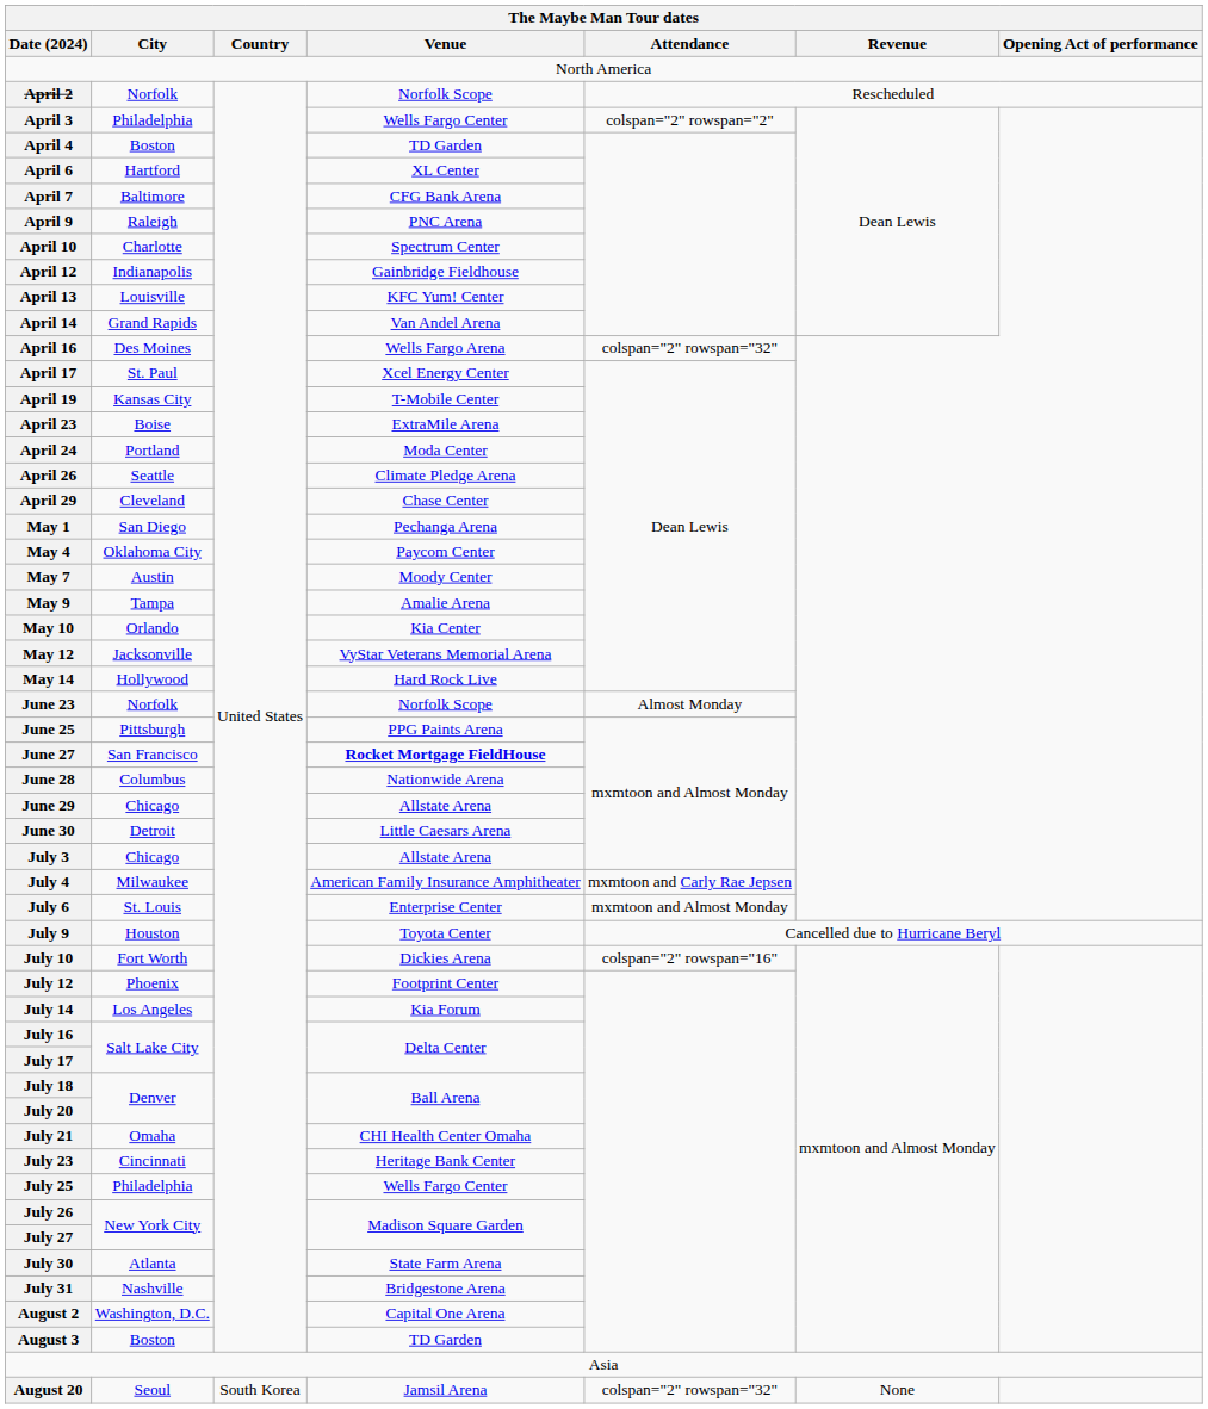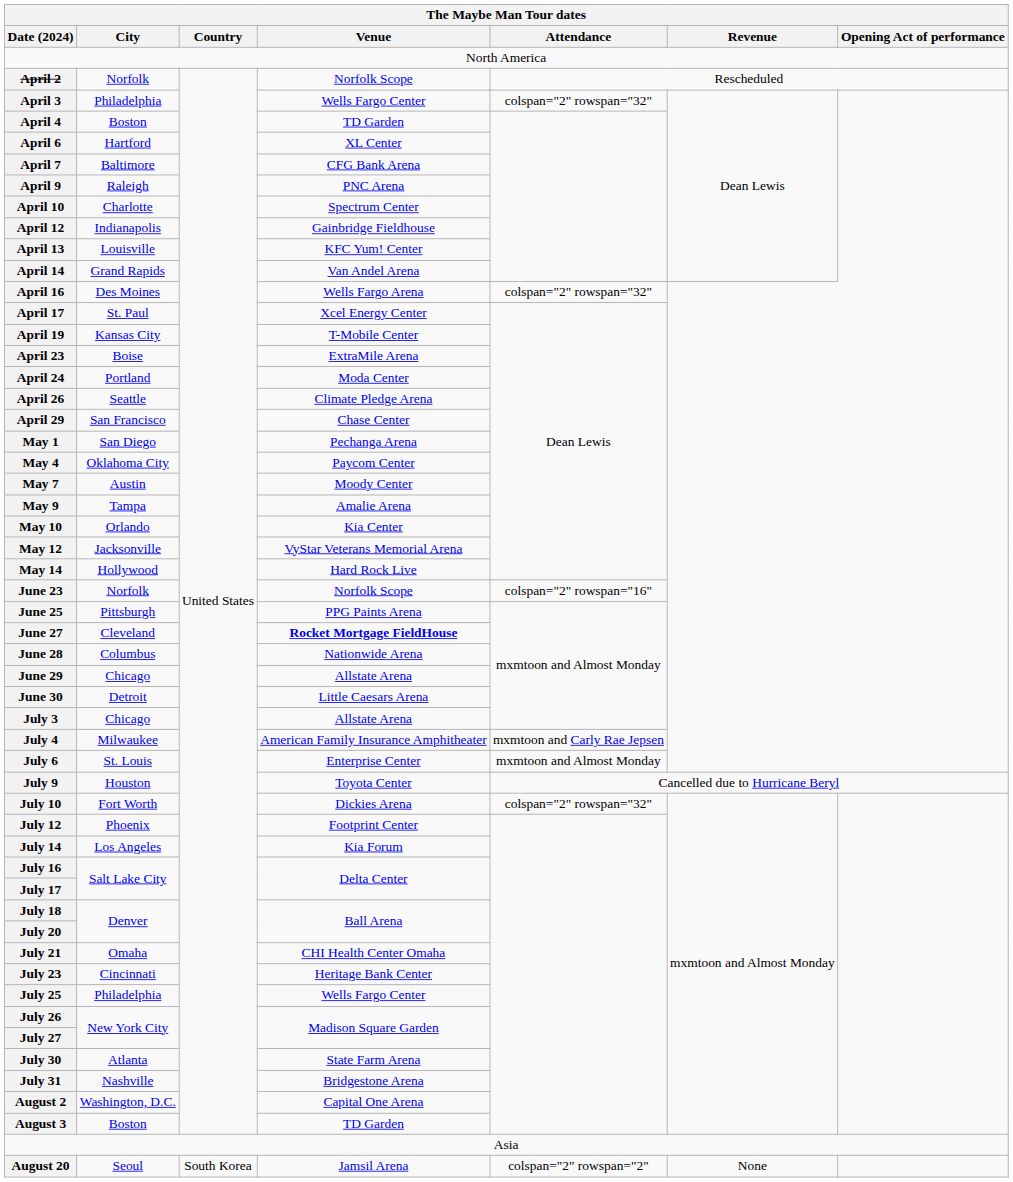 <table class="wikitable collapsible" style="text-align:center;">
 <tr>
 <th colspan="7" scope="col" width="725">The Maybe Man Tour dates</th>
 </tr>
 <tr>
 <th scope="col">Date (2024)</th>
 <th scope="col">City</th>
 <th scope="col">Country</th>
 <th scope="col">Venue</th>
 <th scope="col">Attendance</th>
 <th scope="col">Revenue</th>
 <th>Opening Act of performance</th>
 </tr>
 <tr>
 <td colspan="7">North America</td>
 </tr>
 <tr>
 <th scope="row"><s>April 2</s></th>
 <td><a href='#'>Norfolk</a></td>
 <td rowspan="50">United States</td>
 <td><a href='#'>Norfolk Scope</a></td>
 <td colspan="3">Rescheduled</td>
 </tr>
 <tr>
 <th scope="row">April 3</th>
 <td><a href='#'>Philadelphia</a></td>
 <td><a href='#'>Wells Fargo Center</a></td>
-<td>colspan="2" rowspan="2" </td>
+<td>colspan="2" rowspan="32" </td>
 <td rowspan="9">Dean Lewis</td>
 </tr>
 <tr>
 <th scope="row">April 4</th>
 <td><a href='#'>Boston</a></td>
 <td><a href='#'>TD Garden</a></td>
 </tr>
 <tr>
 <th scope="row">April 6</th>
 <td><a href='#'>Hartford</a></td>
 <td><a href='#'>XL Center</a></td>
 </tr>
 <tr>
 <th scope="row">April 7</th>
 <td><a href='#'>Baltimore</a></td>
 <td><a href='#'>CFG Bank Arena</a></td>
 </tr>
 <tr>
 <th scope="row">April 9</th>
 <td><a href='#'>Raleigh</a></td>
 <td><a href='#'>PNC Arena</a></td>
 </tr>
 <tr>
 <th scope="row">April 10</th>
 <td><a href='#'>Charlotte</a></td>
 <td><a href='#'>Spectrum Center</a></td>
 </tr>
 <tr>
 <th scope="row">April 12</th>
 <td><a href='#'>Indianapolis</a></td>
 <td><a href='#'>Gainbridge Fieldhouse</a></td>
 </tr>
 <tr>
 <th scope="row">April 13</th>
 <td><a href='#'>Louisville</a></td>
 <td><a href='#'>KFC Yum! Center</a></td>
 </tr>
 <tr>
 <th scope="row">April 14</th>
 <td><a href='#'>Grand Rapids</a></td>
 <td><a href='#'>Van Andel Arena</a></td>
 </tr>
 <tr>
 <th scope="row">April 16</th>
 <td><a href='#'>Des Moines</a></td>
 <td><a href='#'>Wells Fargo Arena</a></td>
 <td>colspan="2" rowspan="32" </td>
 </tr>
 <tr>
 <th scope="row">April 17</th>
 <td><a href='#'>St. Paul</a></td>
 <td><a href='#'>Xcel Energy Center</a></td>
 <td rowspan="13">Dean Lewis</td>
 </tr>
 <tr>
 <th scope="row">April 19</th>
 <td><a href='#'>Kansas City</a></td>
 <td><a href='#'>T-Mobile Center</a></td>
 </tr>
 <tr>
 <th scope="row">April 23</th>
 <td><a href='#'>Boise</a></td>
 <td><a href='#'>ExtraMile Arena</a></td>
 </tr>
 <tr>
 <th scope="row">April 24</th>
 <td><a href='#'>Portland</a></td>
 <td><a href='#'>Moda Center</a></td>
 </tr>
 <tr>
 <th scope="row">April 26</th>
 <td><a href='#'>Seattle</a></td>
 <td><a href='#'>Climate Pledge Arena</a></td>
 </tr>
 <tr>
 <th scope="row">April 29</th>
-<td><a href='#'>Cleveland</a></td>
+<td><a href='#'>San Francisco</a></td>
 <td><a href='#'>Chase Center</a></td>
 </tr>
 <tr>
 <th scope="row">May 1</th>
 <td><a href='#'>San Diego</a></td>
 <td><a href='#'>Pechanga Arena</a></td>
 </tr>
 <tr>
 <th scope="row">May 4</th>
 <td><a href='#'>Oklahoma City</a></td>
 <td><a href='#'>Paycom Center</a></td>
 </tr>
 <tr>
 <th scope="row">May 7</th>
 <td><a href='#'>Austin</a></td>
 <td><a href='#'>Moody Center</a></td>
 </tr>
 <tr>
 <th scope="row">May 9</th>
 <td><a href='#'>Tampa</a></td>
 <td><a href='#'>Amalie Arena</a></td>
 </tr>
 <tr>
 <th scope="row">May 10</th>
 <td><a href='#'>Orlando</a></td>
 <td><a href='#'>Kia Center</a></td>
 </tr>
 <tr>
 <th scope="row">May 12</th>
 <td><a href='#'>Jacksonville</a></td>
 <td><a href='#'>VyStar Veterans Memorial Arena</a></td>
 </tr>
 <tr>
 <th scope="row">May 14</th>
 <td><a href='#'>Hollywood</a></td>
 <td><a href='#'>Hard Rock Live</a></td>
 </tr>
 <tr>
 <th scope="row">June 23</th>
 <td><a href='#'>Norfolk</a></td>
 <td><a href='#'>Norfolk Scope</a></td>
-<td>Almost Monday</td>
+<td>colspan="2" rowspan="16" </td>
 </tr>
 <tr>
 <th scope="row">June 25</th>
 <td><a href='#'>Pittsburgh</a></td>
 <td><a href='#'>PPG Paints Arena</a></td>
 <td rowspan="6">mxmtoon and Almost Monday</td>
 </tr>
 <tr>
 <th scope="row">June 27</th>
-<td><a href='#'>San Francisco</a></td>
+<td><a href='#'>Cleveland</a></td>
 <td><strong><a href='#'>Rocket Mortgage FieldHouse</a></strong></td>
 </tr>
 <tr>
 <th scope="row">June 28</th>
 <td><a href='#'>Columbus</a></td>
 <td><a href='#'>Nationwide Arena</a></td>
 </tr>
 <tr>
 <th scope="row">June 29</th>
 <td><a href='#'>Chicago</a></td>
 <td><a href='#'>Allstate Arena</a></td>
 </tr>
 <tr>
 <th scope="row">June 30</th>
 <td><a href='#'>Detroit</a></td>
 <td><a href='#'>Little Caesars Arena</a></td>
 </tr>
 <tr>
 <th scope="row">July 3</th>
 <td><a href='#'>Chicago</a></td>
 <td><a href='#'>Allstate Arena</a></td>
 </tr>
 <tr>
 <th scope="row">July 4</th>
 <td><a href='#'>Milwaukee</a></td>
 <td><a href='#'>American Family Insurance Amphitheater</a></td>
 <td>mxmtoon and <a href='#'>Carly Rae Jepsen</a></td>
 </tr>
 <tr>
 <th scope="row">July 6</th>
 <td><a href='#'>St. Louis</a></td>
 <td><a href='#'>Enterprise Center</a></td>
 <td>mxmtoon and Almost Monday</td>
 </tr>
 <tr>
 <th scope="row">July 9</th>
 <td><a href='#'>Houston</a></td>
 <td><a href='#'>Toyota Center</a></td>
 <td colspan="3">Cancelled due to <a href='#'>Hurricane Beryl</a></td>
 </tr>
 <tr>
 <th scope="row">July 10</th>
 <td><a href='#'>Fort Worth</a></td>
 <td><a href='#'>Dickies Arena</a></td>
-<td>colspan="2" rowspan="16" </td>
+<td>colspan="2" rowspan="32" </td>
 <td rowspan="16">mxmtoon and Almost Monday</td>
 </tr>
 <tr>
 <th scope="row">July 12</th>
 <td><a href='#'>Phoenix</a></td>
 <td><a href='#'>Footprint Center</a></td>
 </tr>
 <tr>
 <th scope="row">July 14</th>
 <td><a href='#'>Los Angeles</a></td>
 <td><a href='#'>Kia Forum</a></td>
 </tr>
 <tr>
 <th scope="row">July 16</th>
 <td rowspan="2"><a href='#'>Salt Lake City</a></td>
 <td rowspan="2"><a href='#'>Delta Center</a></td>
 </tr>
 <tr>
 <th scope="row">July 17</th>
 </tr>
 <tr>
 <th scope="row">July 18</th>
 <td rowspan="2"><a href='#'>Denver</a></td>
 <td rowspan="2"><a href='#'>Ball Arena</a></td>
 </tr>
 <tr>
 <th scope="row">July 20</th>
 </tr>
 <tr>
 <th scope="row">July 21</th>
 <td><a href='#'>Omaha</a></td>
 <td><a href='#'>CHI Health Center Omaha</a></td>
 </tr>
 <tr>
 <th scope="row">July 23</th>
 <td><a href='#'>Cincinnati</a></td>
 <td><a href='#'>Heritage Bank Center</a></td>
 </tr>
 <tr>
 <th scope="row">July 25</th>
 <td><a href='#'>Philadelphia</a></td>
 <td><a href='#'>Wells Fargo Center</a></td>
 </tr>
 <tr>
 <th scope="row">July 26</th>
 <td rowspan="2"><a href='#'>New York City</a></td>
 <td rowspan="2"><a href='#'>Madison Square Garden</a></td>
 </tr>
 <tr>
 <th scope="row">July 27</th>
 </tr>
 <tr>
 <th scope="row">July 30</th>
 <td><a href='#'>Atlanta</a></td>
 <td><a href='#'>State Farm Arena</a></td>
 </tr>
 <tr>
 <th scope="row">July 31</th>
 <td><a href='#'>Nashville</a></td>
 <td><a href='#'>Bridgestone Arena</a></td>
 </tr>
 <tr>
 <th scope="row">August 2</th>
 <td><a href='#'>Washington, D.C.</a></td>
 <td><a href='#'>Capital One Arena</a></td>
 </tr>
 <tr>
 <th scope="row">August 3</th>
 <td><a href='#'>Boston</a></td>
 <td><a href='#'>TD Garden</a></td>
 </tr>
 <tr>
 <td colspan="7">Asia</td>
 </tr>
 <tr>
 <th scope="row">August 20</th>
 <td><a href='#'>Seoul</a></td>
 <td>South Korea</td>
 <td><a href='#'>Jamsil Arena</a></td>
-<td>colspan="2" rowspan="32" </td>
+<td>colspan="2" rowspan="2" </td>
 <td rowspan="2">None</td>
 </tr>
 </table>
